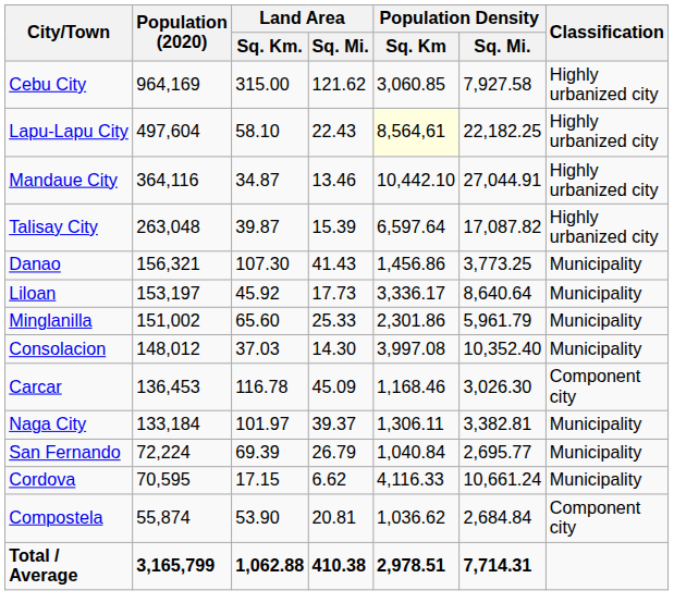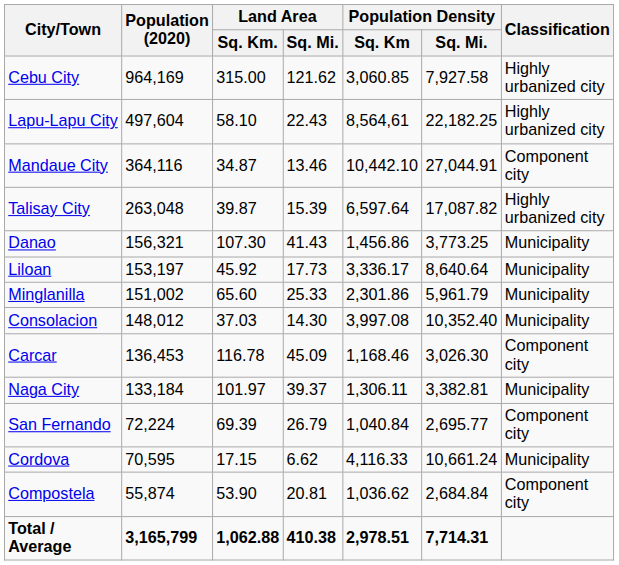 <table class="wikitable">
 <tr>
 <th rowspan="2">City/Town</th>
 <th rowspan="2">Population<br>(2020)</th>
 <th colspan="2">Land Area</th>
 <th colspan="2">Population Density</th>
 <th rowspan="2">Classification</th>
 </tr>
 <tr>
 <th>Sq. Km.</th>
 <th>Sq. Mi.</th>
 <th>Sq. Km</th>
 <th>Sq. Mi.</th>
 </tr>
 <tr>
 <td><a href='#'>Cebu City</a></td>
 <td>964,169</td>
 <td>315.00</td>
 <td>121.62</td>
 <td>3,060.85</td>
 <td>7,927.58</td>
 <td>Highly<br>urbanized  city</td>
 </tr>
 <tr>
 <td><a href='#'>Lapu-Lapu City</a></td>
 <td>497,604</td>
 <td>58.10</td>
 <td>22.43</td>
-<td style="background: lightyellow;">8,564,61</td>
+<td>8,564,61</td>
 <td>22,182.25</td>
 <td>Highly<br>urbanized  city</td>
 </tr>
 <tr>
 <td><a href='#'>Mandaue City</a></td>
 <td>364,116</td>
 <td>34.87</td>
 <td>13.46</td>
 <td>10,442.10</td>
 <td>27,044.91</td>
-<td>Highly<br>urbanized  city</td>
+<td>Component<br>city</td>
 </tr>
 <tr>
 <td><a href='#'>Talisay City</a></td>
 <td>263,048</td>
 <td>39.87</td>
 <td>15.39</td>
 <td>6,597.64</td>
 <td>17,087.82</td>
 <td>Highly<br>urbanized  city</td>
 </tr>
 <tr>
 <td><a href='#'>Danao</a></td>
 <td>156,321</td>
 <td>107.30</td>
 <td>41.43</td>
 <td>1,456.86</td>
 <td>3,773.25</td>
 <td>Municipality</td>
 </tr>
 <tr>
 <td><a href='#'>Liloan</a></td>
 <td>153,197</td>
 <td>45.92</td>
 <td>17.73</td>
 <td>3,336.17</td>
 <td>8,640.64</td>
 <td>Municipality</td>
 </tr>
 <tr>
 <td><a href='#'>Minglanilla</a></td>
 <td>151,002</td>
 <td>65.60</td>
 <td>25.33</td>
 <td>2,301.86</td>
 <td>5,961.79</td>
 <td>Municipality</td>
 </tr>
 <tr>
 <td><a href='#'>Consolacion</a></td>
 <td>148,012</td>
 <td>37.03</td>
 <td>14.30</td>
 <td>3,997.08</td>
 <td>10,352.40</td>
 <td>Municipality</td>
 </tr>
 <tr>
 <td><a href='#'>Carcar</a></td>
 <td>136,453</td>
 <td>116.78</td>
 <td>45.09</td>
 <td>1,168.46</td>
 <td>3,026.30</td>
 <td>Component<br>city</td>
 </tr>
 <tr>
 <td><a href='#'>Naga City</a></td>
 <td>133,184</td>
 <td>101.97</td>
 <td>39.37</td>
 <td>1,306.11</td>
 <td>3,382.81</td>
 <td>Municipality</td>
 </tr>
 <tr>
 <td><a href='#'>San Fernando</a></td>
 <td>72,224</td>
 <td>69.39</td>
 <td>26.79</td>
 <td>1,040.84</td>
 <td>2,695.77</td>
-<td>Municipality</td>
+<td>Component<br>city</td>
 </tr>
 <tr>
 <td><a href='#'>Cordova</a></td>
 <td>70,595</td>
 <td>17.15</td>
 <td>6.62</td>
 <td>4,116.33</td>
 <td>10,661.24</td>
 <td>Municipality</td>
 </tr>
 <tr>
 <td><a href='#'>Compostela</a></td>
 <td>55,874</td>
 <td>53.90</td>
 <td>20.81</td>
 <td>1,036.62</td>
 <td>2,684.84</td>
 <td>Component<br>city</td>
 </tr>
 <tr>
 <td><strong>Total /</strong><br><strong>Average</strong></td>
 <td><strong>3,165,799</strong></td>
 <td><strong>1,062.88</strong></td>
 <td><strong>410.38</strong></td>
 <td><strong>2,978.51</strong></td>
 <td><strong>7,714.31</strong></td>
 <td></td>
 </tr>
 </table>
